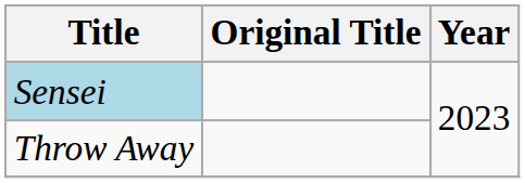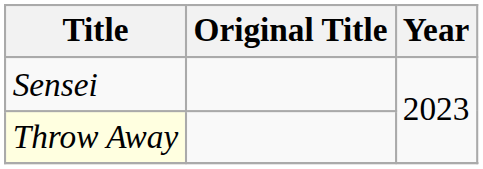 <table class="wikitable plainrowheaders">
 <tr>
 <th>Title</th>
 <th>Original Title</th>
 <th>Year</th>
 </tr>
 <tr>
-<td style="background: lightblue;"><em>Sensei</em></td>
+<td><em>Sensei</em></td>
 <td></td>
 <td rowspan="2">2023</td>
 </tr>
 <tr>
-<td><em>Throw Away</em></td>
+<td style="background: lightyellow;"><em>Throw Away</em></td>
 <td></td>
 </tr>
 <tr>
 </tr>
 </table>
